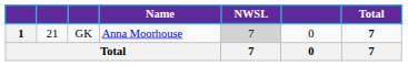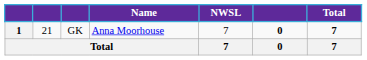 <table class="wikitable" style="text-align:center;">
 <tr>
 <th style="background:#5E299A; color:white; border:2px solid #3aadd9; width:35px;"></th>
 <th style="background:#5E299A; color:white; border:2px solid #3aadd9; width:35px;"></th>
 <th style="background:#5E299A; color:white; border:2px solid #3aadd9; width:35px;"></th>
 <th style="background:#5E299A; color:white; border:2px solid #3aadd9; width:160px;">Name</th>
 <th style="background:#5E299A; color:white; border:2px solid #3aadd9; width:75px;">NWSL</th>
 <th style="background:#5E299A; color:white; border:2px solid #3aadd9; width:75px;"></th>
 <th style="background:#5E299A; color:white; border:2px solid #3aadd9; width:75px;">Total</th>
 </tr>
 <tr>
 <th>1</th>
 <td>21</td>
 <td>GK</td>
 <td align="left"> <a href='#'>Anna Moorhouse</a></td>
-<td style="background: lightgrey;">7</td>
-<td>0</td>
+<td>7</td>
+<td><strong>0</strong></td>
 <td><strong>7</strong></td>
 </tr>
 <tr>
 <th colspan="4">Total</th>
 <th>7</th>
 <th>0</th>
 <th>7</th>
 </tr>
 </table>
